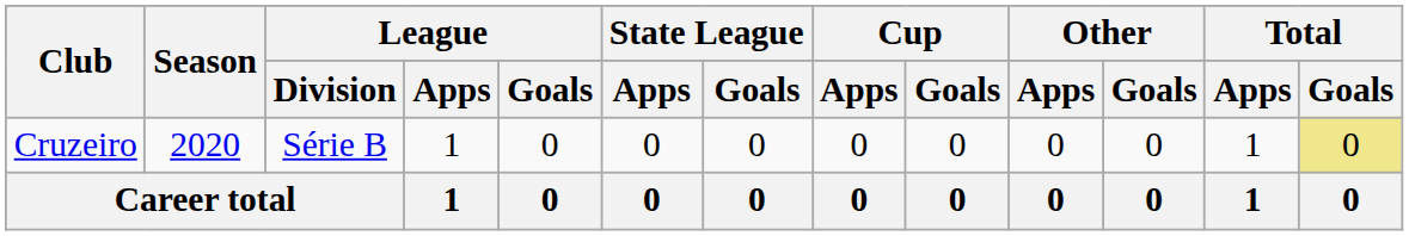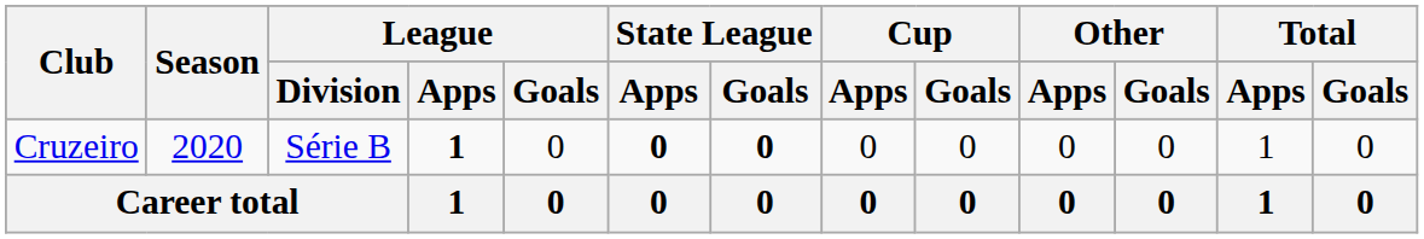 <table class="wikitable" style="text-align: center">
 <tr>
 <th rowspan="2">Club</th>
 <th rowspan="2">Season</th>
 <th colspan="3">League</th>
 <th colspan="2">State League</th>
 <th colspan="2">Cup</th>
 <th colspan="2">Other</th>
 <th colspan="2">Total</th>
 </tr>
 <tr>
 <th>Division</th>
 <th>Apps</th>
 <th>Goals</th>
 <th>Apps</th>
 <th>Goals</th>
 <th>Apps</th>
 <th>Goals</th>
 <th>Apps</th>
 <th>Goals</th>
 <th>Apps</th>
 <th>Goals</th>
 </tr>
 <tr>
 <td><a href='#'>Cruzeiro</a></td>
 <td><a href='#'>2020</a></td>
 <td><a href='#'>Série B</a></td>
-<td>1</td>
+<td><strong>1</strong></td>
 <td>0</td>
-<td>0</td>
-<td>0</td>
+<td><strong>0</strong></td>
+<td><strong>0</strong></td>
 <td>0</td>
 <td>0</td>
 <td>0</td>
 <td>0</td>
 <td>1</td>
-<td style="background: khaki;">0</td>
+<td>0</td>
 </tr>
 <tr>
 <th colspan="3"><strong>Career total</strong></th>
 <th>1</th>
 <th>0</th>
 <th>0</th>
 <th>0</th>
 <th>0</th>
 <th>0</th>
 <th>0</th>
 <th>0</th>
 <th>1</th>
 <th>0</th>
 </tr>
 </table>
